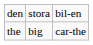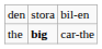 <table class="wikitable" border="1">
 <tr>
 <td>den</td>
 <td>stora</td>
 <td>bil-en</td>
 </tr>
 <tr>
 <td>the</td>
-<td>big</td>
+<td><strong>big</strong></td>
 <td>car-the </td>
 </tr>
 </table>
